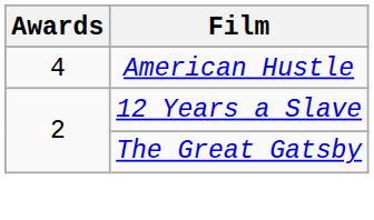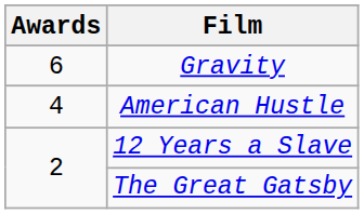 <table class="wikitable" style="text-align:center;">
 <tr>
 <th style="background:">Awards</th>
 <th style="background:">Film</th>
+</tr>
+<tr>
+<td>6</td>
+<td><em><a href='#'>Gravity</a></em></td>
 </tr>
 <tr>
 <td>4</td>
 <td><em><a href='#'>American Hustle</a></em></td>
 </tr>
 <tr>
 <td rowspan="2">2</td>
 <td><em><a href='#'>12 Years a Slave</a></em></td>
 </tr>
 <tr>
 <td><em><a href='#'>The Great Gatsby</a></em></td>
 </tr>
 </table>
